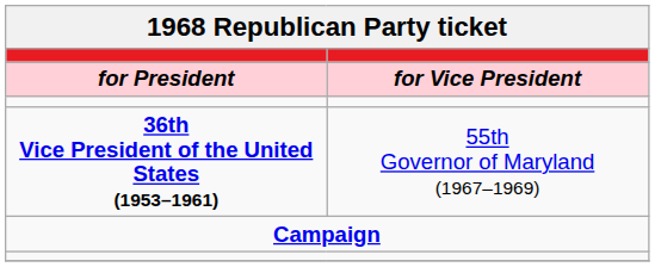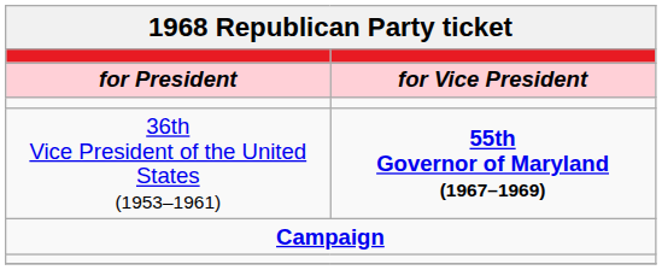 <table class="wikitable" style="font-size:90%; text-align:center;">
 <tr>
 <td style="background:#f1f1f1;" colspan="30"><big> <strong>1968 Republican Party ticket</strong></big></td>
 </tr>
 <tr>
 <th style="width:3em; font-size:135%; background:#E81B23; width:200px;"><a href='#'></a></th>
 <th style="width:3em; font-size:135%; background:#E81B23; width:200px;"><a href='#'></a></th>
 </tr>
 <tr style="color:#000; font-size:100%; background:#ffd0d7;">
 <td style="width:3em; width:200px;"><strong><em>for President</em></strong></td>
 <td style="width:3em; width:200px;"><strong><em>for Vice President</em></strong></td>
 </tr>
 <tr>
 <td></td>
 <td></td>
 </tr>
 <tr>
-<td><strong><a href='#'>36th</a><br><a href='#'>Vice President of the United States</a><br><small>(1953–1961)</small></strong></td>
-<td><a href='#'>55th</a><br><a href='#'>Governor of Maryland</a><br><small>(1967–1969)</small></td>
+<td><a href='#'>36th</a><br><a href='#'>Vice President of the United States</a><br><small>(1953–1961)</small></td>
+<td><strong><a href='#'>55th</a><br><a href='#'>Governor of Maryland</a><br><small>(1967–1969)</small></strong></td>
 </tr>
 <tr>
 <td colspan=2><a href='#'><strong>Campaign</strong></a></td>
 </tr>
 <tr>
 <td colspan=2></td>
 </tr>
 <tr>
 </tr>
 </table>
